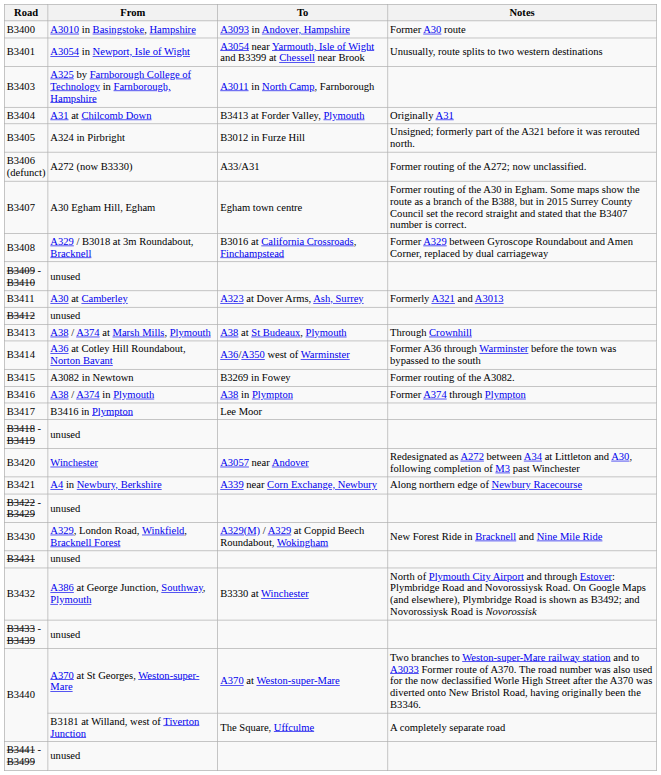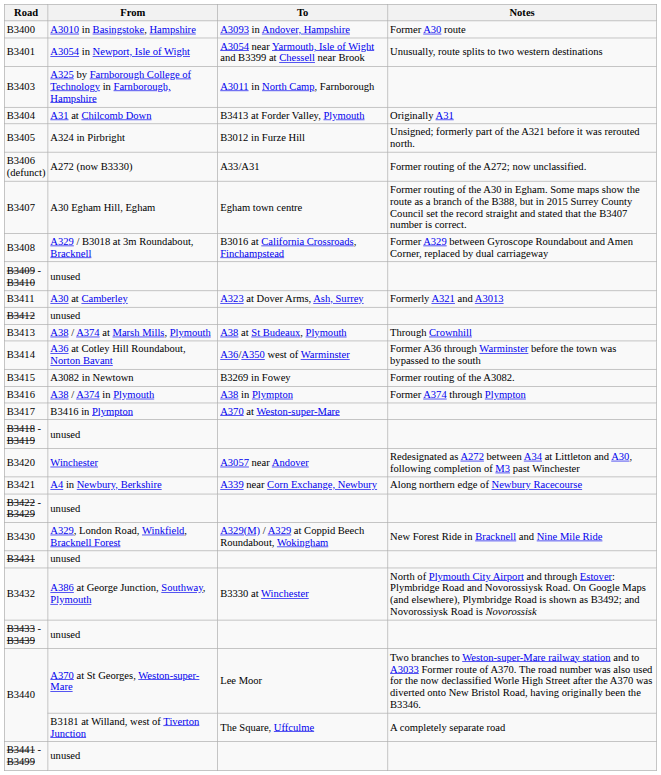 <table class="wikitable">
 <tr>
 <th style="width:50px">Road</th>
 <th style="width:250px">From</th>
 <th style="width:250px">To</th>
 <th style="width:400px">Notes</th>
 </tr>
 <tr>
 <td>B3400</td>
 <td><a href='#'>A3010</a> in <a href='#'>Basingstoke</a>, <a href='#'>Hampshire</a></td>
 <td><a href='#'>A3093</a> in <a href='#'>Andover, Hampshire</a></td>
 <td>Former <a href='#'>A30</a> route </td>
 </tr>
 <tr>
 <td>B3401</td>
 <td><a href='#'>A3054</a> in <a href='#'>Newport, Isle of Wight</a></td>
 <td><a href='#'>A3054</a> near <a href='#'>Yarmouth, Isle of Wight</a>  and B3399 at <a href='#'>Chessell</a> near Brook</td>
 <td>Unusually, route splits to two western destinations</td>
 </tr>
 <tr>
 <td>B3403</td>
 <td><a href='#'>A325</a> by <a href='#'>Farnborough College of Technology</a> in  <a href='#'>Farnborough, Hampshire</a></td>
 <td><a href='#'>A3011</a> in <a href='#'>North Camp</a>, Farnborough</td>
 <td></td>
 </tr>
 <tr>
 <td>B3404</td>
 <td><a href='#'>A31</a> at <a href='#'>Chilcomb Down</a></td>
 <td>B3413 at Forder Valley, <a href='#'>Plymouth</a></td>
 <td>Originally <a href='#'>A31</a></td>
 </tr>
 <tr>
 <td>B3405</td>
 <td>A324 in Pirbright</td>
 <td>B3012 in Furze Hill</td>
 <td>Unsigned; formerly part of the A321 before it was rerouted north.</td>
 </tr>
 <tr>
 <td>B3406 (defunct)</td>
 <td>A272 (now B3330)</td>
 <td>A33/A31</td>
 <td>Former routing of the A272; now unclassified.</td>
 </tr>
 <tr>
 <td>B3407</td>
 <td>A30 Egham Hill, Egham</td>
 <td>Egham town centre</td>
 <td>Former routing of the A30 in Egham. Some maps show the route as a branch of the B388, but in 2015 Surrey County Council set the record straight and stated that the B3407 number is correct.</td>
 </tr>
 <tr>
 <td>B3408</td>
 <td><a href='#'>A329</a> / B3018 at 3m Roundabout, <a href='#'>Bracknell</a></td>
 <td>B3016 at <a href='#'>California Crossroads</a>, <a href='#'>Finchampstead</a></td>
 <td>Former <a href='#'>A329</a> between Gyroscope Roundabout and Amen Corner, replaced by dual carriageway</td>
 </tr>
 <tr>
 <td><s>B3409</s> - <s>B3410</s></td>
 <td>unused</td>
 <td></td>
 <td></td>
 </tr>
 <tr>
 <td>B3411</td>
 <td><a href='#'>A30</a> at <a href='#'>Camberley</a></td>
 <td><a href='#'>A323</a> at Dover Arms, <a href='#'>Ash, Surrey</a></td>
 <td>  Formerly <a href='#'>A321</a> and <a href='#'>A3013</a></td>
 </tr>
 <tr>
 <td><s>B3412</s></td>
 <td>unused</td>
 <td></td>
 <td></td>
 </tr>
 <tr>
 <td>B3413</td>
 <td><a href='#'>A38</a> / <a href='#'>A374</a> at <a href='#'>Marsh Mills</a>, <a href='#'>Plymouth</a></td>
 <td><a href='#'>A38</a> at <a href='#'>St Budeaux</a>, <a href='#'>Plymouth</a></td>
 <td>Through <a href='#'>Crownhill</a></td>
 </tr>
 <tr>
 <td>B3414</td>
 <td><a href='#'>A36</a> at Cotley Hill Roundabout, <a href='#'>Norton Bavant</a></td>
 <td><a href='#'>A36</a>/<a href='#'>A350</a> west of <a href='#'>Warminster</a></td>
 <td>Former A36 through <a href='#'>Warminster</a> before the town was bypassed to the south</td>
 </tr>
 <tr>
 <td>B3415</td>
 <td>A3082 in Newtown</td>
 <td>B3269 in Fowey</td>
 <td>Former routing of the A3082.</td>
 </tr>
 <tr>
 <td>B3416</td>
 <td><a href='#'>A38</a> / <a href='#'>A374</a> in <a href='#'>Plymouth</a></td>
 <td><a href='#'>A38</a> in <a href='#'>Plympton</a></td>
 <td>Former <a href='#'>A374</a> through <a href='#'>Plympton</a></td>
 </tr>
 <tr>
 <td>B3417</td>
 <td>B3416 in <a href='#'>Plympton</a></td>
-<td>Lee Moor</td>
+<td><a href='#'>A370</a> at <a href='#'>Weston-super-Mare</a></td>
 <td></td>
 </tr>
 <tr>
 <td><s>B3418</s> - <s>B3419</s></td>
 <td>unused</td>
 <td></td>
 <td></td>
 </tr>
 <tr>
 <td>B3420</td>
 <td><a href='#'>Winchester</a></td>
 <td><a href='#'>A3057</a> near <a href='#'>Andover</a></td>
 <td>Redesignated as <a href='#'>A272</a> between <a href='#'>A34</a> at Littleton and <a href='#'>A30</a>, following completion of <a href='#'>M3</a> past Winchester</td>
 </tr>
 <tr>
 <td>B3421</td>
 <td><a href='#'>A4</a> in <a href='#'>Newbury, Berkshire</a></td>
 <td><a href='#'>A339</a> near <a href='#'>Corn Exchange, Newbury</a></td>
 <td>Along northern edge of <a href='#'>Newbury Racecourse</a></td>
 </tr>
 <tr>
 <td><s>B3422</s> - <s>B3429</s></td>
 <td>unused</td>
 <td></td>
 <td></td>
 </tr>
 <tr>
 <td>B3430</td>
 <td><a href='#'>A329</a>, London Road, <a href='#'>Winkfield</a>, <a href='#'>Bracknell Forest</a></td>
 <td><a href='#'>A329(M)</a> / <a href='#'>A329</a> at Coppid Beech Roundabout, <a href='#'>Wokingham</a></td>
 <td>New Forest Ride in <a href='#'>Bracknell</a> and <a href='#'>Nine Mile Ride</a></td>
 </tr>
 <tr>
 <td><s>B3431</s></td>
 <td>unused</td>
 <td></td>
 <td></td>
 </tr>
 <tr>
 <td>B3432</td>
 <td><a href='#'>A386</a> at George Junction, <a href='#'>Southway</a>, <a href='#'>Plymouth</a></td>
 <td>B3330 at <a href='#'>Winchester</a></td>
 <td>North of <a href='#'>Plymouth City Airport</a> and through <a href='#'>Estover</a>: Plymbridge Road and Novorossiysk Road.  On Google Maps (and elsewhere), Plymbridge Road is shown as B3492; and Novorossiysk Road is <em>Novorossisk</em> </td>
 </tr>
 <tr>
 <td><s>B3433</s> - <s>B3439</s></td>
 <td>unused</td>
 <td></td>
 <td></td>
 </tr>
 <tr>
 <td rowspan="2">B3440</td>
 <td><a href='#'>A370</a> at St Georges, <a href='#'>Weston-super-Mare</a></td>
-<td><a href='#'>A370</a> at <a href='#'>Weston-super-Mare</a></td>
+<td>Lee Moor</td>
 <td>Two branches to <a href='#'>Weston-super-Mare railway station</a> and to <a href='#'>A3033</a> Former route of A370. The road number was also used for the now declassified Worle High Street after the A370 was diverted onto New Bristol Road, having originally been the B3346.</td>
 </tr>
 <tr>
 <td>B3181 at Willand, west of <a href='#'>Tiverton Junction</a></td>
 <td>The Square, <a href='#'>Uffculme</a></td>
 <td>A completely separate road </td>
 </tr>
 <tr>
 <td><s>B3441</s> - <s>B3499</s></td>
 <td>unused</td>
 <td></td>
 <td></td>
 </tr>
 </table>
